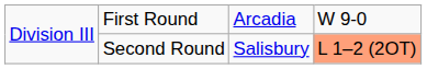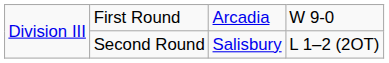 <table class="wikitable">
 <tr>
 <td rowspan="2"><a href='#'>Division III</a></td>
 <td>First Round</td>
 <td><a href='#'>Arcadia</a></td>
 <td>W 9-0</td>
 </tr>
 <tr>
 <td>Second Round</td>
 <td><a href='#'>Salisbury</a></td>
-<td style="background: lightsalmon;">L 1–2 (2OT)</td>
+<td>L 1–2 (2OT)</td>
 </tr>
 </table>
